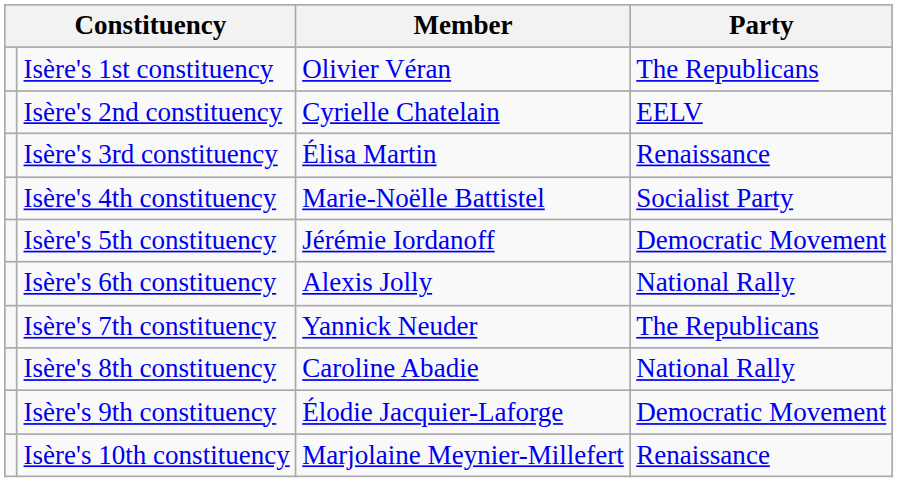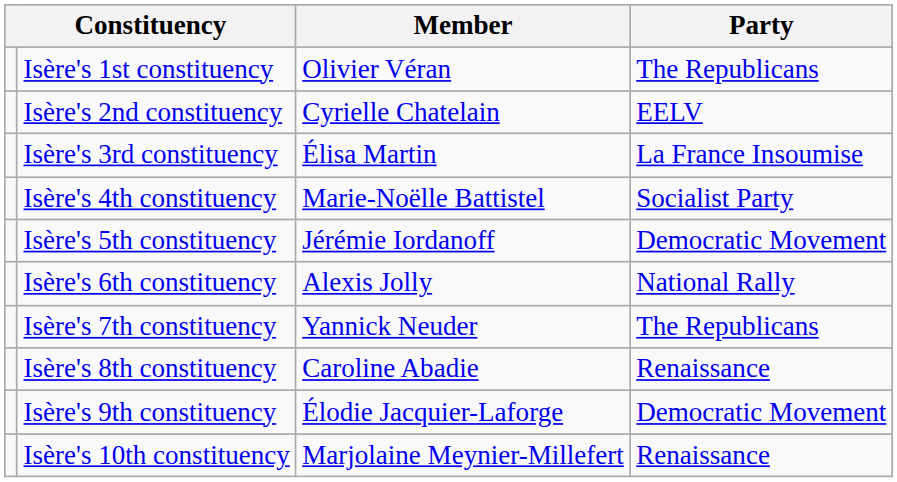 <table class="wikitable">
 <tr>
 <th colspan="2">Constituency</th>
 <th>Member</th>
 <th>Party</th>
 </tr>
 <tr>
 <td style="background-color: "></td>
 <td><a href='#'>Isère's 1st constituency</a></td>
 <td><a href='#'>Olivier Véran</a></td>
 <td><a href='#'>The Republicans</a></td>
 </tr>
 <tr>
 <td style="background-color: "></td>
 <td><a href='#'>Isère's 2nd constituency</a></td>
 <td><a href='#'>Cyrielle Chatelain</a></td>
 <td><a href='#'>EELV</a></td>
 </tr>
 <tr>
 <td style="background-color: "></td>
 <td><a href='#'>Isère's 3rd constituency</a></td>
 <td><a href='#'>Élisa Martin</a></td>
-<td><a href='#'>Renaissance</a></td>
+<td><a href='#'>La France Insoumise</a></td>
 </tr>
 <tr>
 <td style="background-color: "></td>
 <td><a href='#'>Isère's 4th constituency</a></td>
 <td><a href='#'>Marie-Noëlle Battistel</a></td>
 <td><a href='#'>Socialist Party</a></td>
 </tr>
 <tr>
 <td style="background-color: "></td>
 <td><a href='#'>Isère's 5th constituency</a></td>
 <td><a href='#'>Jérémie Iordanoff</a></td>
 <td><a href='#'>Democratic Movement</a></td>
 </tr>
 <tr>
 <td style="background-color: "></td>
 <td><a href='#'>Isère's 6th constituency</a></td>
 <td><a href='#'>Alexis Jolly</a></td>
 <td><a href='#'>National Rally</a></td>
 </tr>
 <tr>
 <td style="background-color: "></td>
 <td><a href='#'>Isère's 7th constituency</a></td>
 <td><a href='#'>Yannick Neuder</a></td>
 <td><a href='#'>The Republicans</a></td>
 </tr>
 <tr>
 <td style="background-color: "></td>
 <td><a href='#'>Isère's 8th constituency</a></td>
 <td><a href='#'>Caroline Abadie</a></td>
-<td><a href='#'>National Rally</a></td>
+<td><a href='#'>Renaissance</a></td>
 </tr>
 <tr>
 <td style="background-color: "></td>
 <td><a href='#'>Isère's 9th constituency</a></td>
 <td><a href='#'>Élodie Jacquier-Laforge</a></td>
 <td><a href='#'>Democratic Movement</a></td>
 </tr>
 <tr>
 <td style="background-color: "></td>
 <td><a href='#'>Isère's 10th constituency</a></td>
 <td><a href='#'>Marjolaine Meynier-Millefert</a></td>
 <td><a href='#'>Renaissance</a></td>
 </tr>
 </table>
